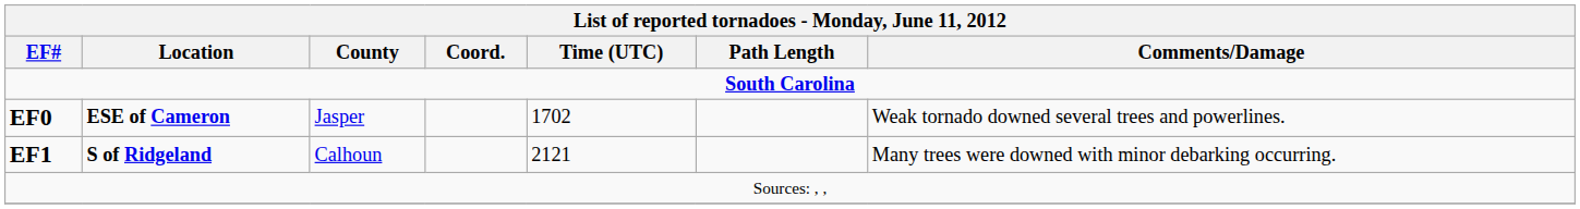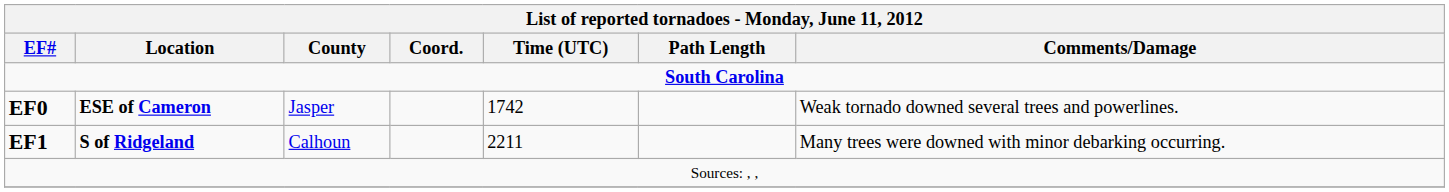 <table class="wikitable collapsible" width="100%">
 <tr>
 <th colspan="7">List of reported tornadoes - Monday, June 11, 2012</th>
 </tr>
 <tr>
 <th><a href='#'>EF#</a></th>
 <th>Location</th>
 <th>County</th>
 <th>Coord.</th>
 <th>Time (UTC)</th>
 <th>Path Length</th>
 <th>Comments/Damage</th>
 </tr>
 <tr>
 <td colspan="7" align=center><strong><a href='#'>South Carolina</a></strong></td>
 </tr>
 <tr>
 <td><big><strong>EF0</strong></big></td>
 <td><strong>ESE of <a href='#'>Cameron</a></strong></td>
 <td><a href='#'>Jasper</a></td>
 <td></td>
-<td>1702</td>
+<td>1742</td>
 <td></td>
 <td>Weak tornado downed several trees and powerlines.</td>
 </tr>
 <tr>
 <td><big><strong>EF1</strong></big></td>
 <td><strong>S of <a href='#'>Ridgeland</a></strong></td>
 <td><a href='#'>Calhoun</a></td>
 <td></td>
-<td>2121</td>
+<td>2211</td>
 <td></td>
 <td>Many trees were downed with minor debarking occurring.</td>
 </tr>
 <tr>
 <td colspan="7" align=center><small>Sources: , , </small></td>
 </tr>
 <tr>
 </tr>
 </table>
